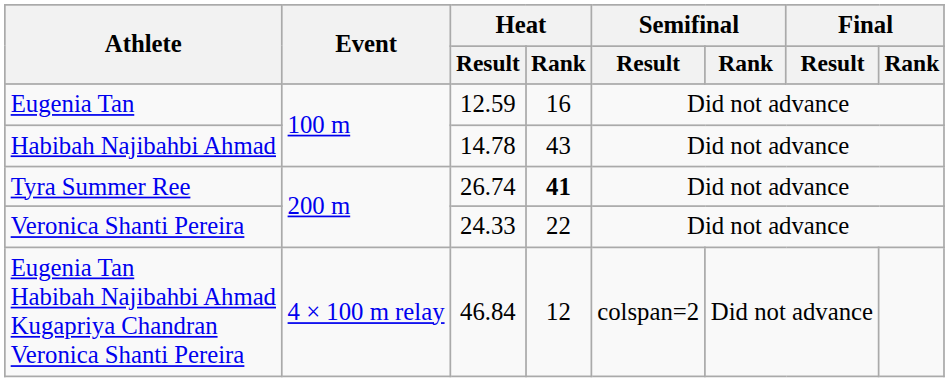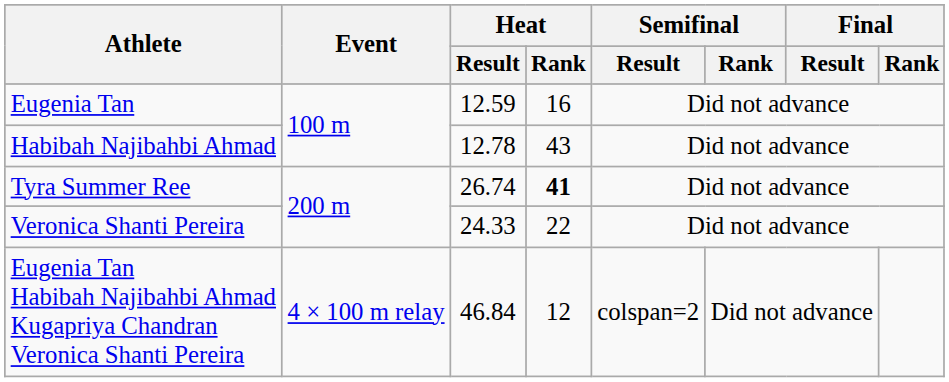 <table class="wikitable" style="font-size:90%">
 <tr>
 <th rowspan="2">Athlete</th>
 <th rowspan="2">Event</th>
 <th colspan="2">Heat</th>
 <th colspan="2">Semifinal</th>
 <th colspan="2">Final</th>
 </tr>
 <tr style="font-size:95%">
 <th>Result</th>
 <th>Rank</th>
 <th>Result</th>
 <th>Rank</th>
 <th>Result</th>
 <th>Rank</th>
 </tr>
 <tr align=center>
 <td align=left><a href='#'>Eugenia Tan</a></td>
 <td align=left rowspan=2><a href='#'>100 m</a></td>
 <td>12.59</td>
 <td>16</td>
 <td colspan=4>Did not advance</td>
 </tr>
 <tr align=center>
 <td align=left><a href='#'>Habibah Najibahbi Ahmad</a></td>
-<td>14.78</td>
+<td>12.78</td>
 <td>43</td>
 <td colspan=4>Did not advance</td>
 </tr>
 <tr align=center>
 <td align=left><a href='#'>Tyra Summer Ree</a></td>
 <td align=left rowspan=2><a href='#'>200 m</a></td>
 <td>26.74</td>
 <td><strong>41</strong></td>
 <td colspan=4>Did not advance</td>
 </tr>
 <tr align=center>
 <td align=left><a href='#'>Veronica Shanti Pereira</a></td>
 <td>24.33</td>
 <td>22</td>
 <td colspan=4>Did not advance</td>
 </tr>
 <tr align=center>
 <td align=left><a href='#'>Eugenia Tan</a><br><a href='#'>Habibah Najibahbi Ahmad</a><br><a href='#'>Kugapriya Chandran</a><br><a href='#'>Veronica Shanti Pereira</a></td>
 <td align=left><a href='#'>4 × 100 m relay</a></td>
 <td>46.84</td>
 <td>12</td>
 <td>colspan=2 </td>
 <td colspan=2>Did not advance</td>
 </tr>
 </table>
